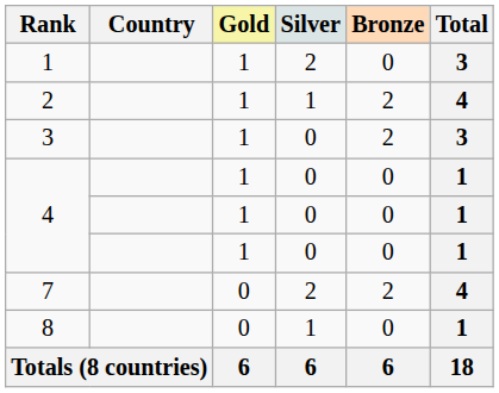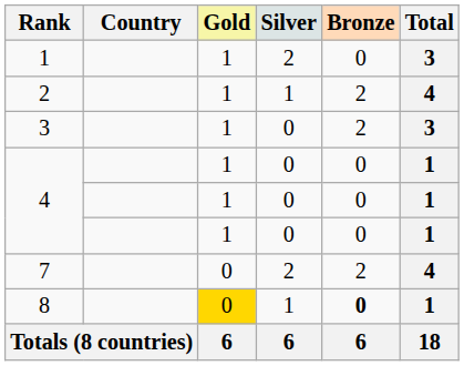 <table class="wikitable sortable" style="text-align:center;">
 <tr>
 <th>Rank</th>
 <th>Country</th>
 <th style="background:#F7F6A8"> Gold</th>
 <th style="background:#DCE5E5"> Silver</th>
 <th style="background:#FFDAB9"> Bronze</th>
 <th>Total</th>
 </tr>
 <tr>
 <td>1</td>
 <td style="text-align:left;"></td>
 <td>1</td>
 <td>2</td>
 <td>0</td>
 <th>3</th>
 </tr>
 <tr>
 <td>2</td>
 <td style="text-align:left;"></td>
 <td>1</td>
 <td>1</td>
 <td>2</td>
 <th>4</th>
 </tr>
 <tr>
 <td>3</td>
 <td style="text-align:left;"></td>
 <td>1</td>
 <td>0</td>
 <td>2</td>
 <th>3</th>
 </tr>
 <tr>
 <td rowspan=3>4</td>
 <td style="text-align:left;"></td>
 <td>1</td>
 <td>0</td>
 <td>0</td>
 <th>1</th>
 </tr>
 <tr>
 <td style="text-align:left;"></td>
 <td>1</td>
 <td>0</td>
 <td>0</td>
 <th>1</th>
 </tr>
 <tr>
 <td style="text-align:left;"></td>
 <td>1</td>
 <td>0</td>
 <td>0</td>
 <th>1</th>
 </tr>
 <tr>
 <td>7</td>
 <td style="text-align:left;"></td>
 <td>0</td>
 <td>2</td>
 <td>2</td>
 <th>4</th>
 </tr>
 <tr>
 <td>8</td>
 <td style="text-align:left;"></td>
-<td>0</td>
+<td style="background: gold;">0</td>
 <td>1</td>
-<td>0</td>
+<td><strong>0</strong></td>
 <th>1</th>
 </tr>
 <tr>
 <th colspan="2" style="text-align:left;">Totals (8 countries)</th>
 <th>6</th>
 <th>6</th>
 <th>6</th>
 <th>18</th>
 </tr>
 </table>
